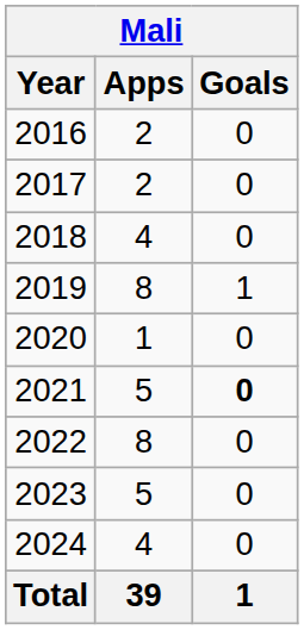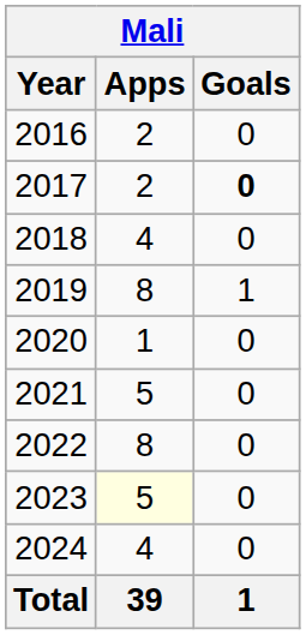 <table class="wikitable" style="text-align:center">
 <tr>
 <th colspan="3"><a href='#'>Mali</a></th>
 </tr>
 <tr>
 <th>Year</th>
 <th>Apps</th>
 <th>Goals</th>
 </tr>
 <tr>
 <td>2016</td>
 <td>2</td>
 <td>0</td>
 </tr>
 <tr>
 <td>2017</td>
 <td>2</td>
-<td>0</td>
+<td><strong>0</strong></td>
 </tr>
 <tr>
 <td>2018</td>
 <td>4</td>
 <td>0</td>
 </tr>
 <tr>
 <td>2019</td>
 <td>8</td>
 <td>1</td>
 </tr>
 <tr>
 <td>2020</td>
 <td>1</td>
 <td>0</td>
 </tr>
 <tr>
 <td>2021</td>
 <td>5</td>
-<td><strong>0</strong></td>
+<td>0</td>
 </tr>
 <tr>
 <td>2022</td>
 <td>8</td>
 <td>0</td>
 </tr>
 <tr>
 <td>2023</td>
-<td>5</td>
+<td style="background: lightyellow;">5</td>
 <td>0</td>
 </tr>
 <tr>
 <td>2024</td>
 <td>4</td>
 <td>0</td>
 </tr>
 <tr>
 <th>Total</th>
 <th>39</th>
 <th>1</th>
 </tr>
 </table>
